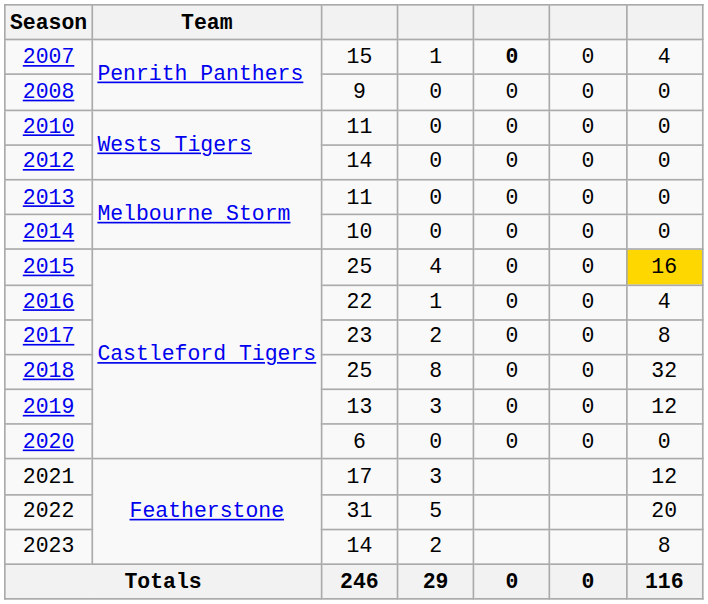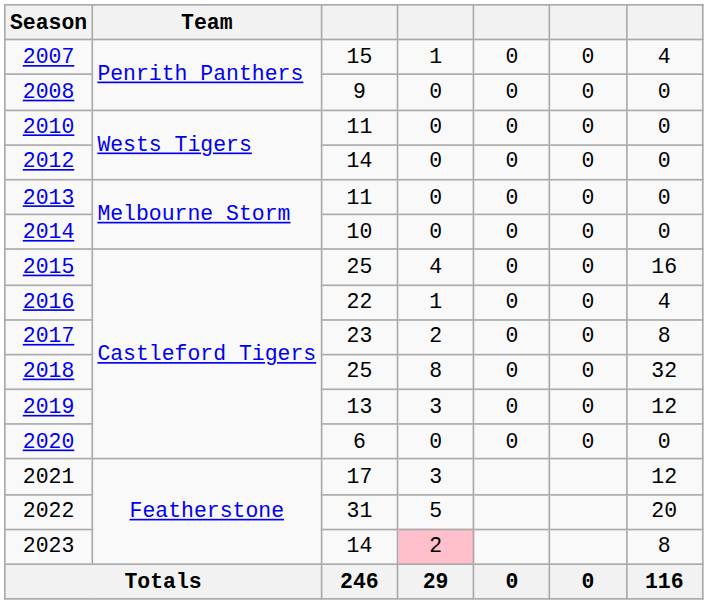 <table class="wikitable" style="text-align:center;">
 <tr>
 <th>Season</th>
 <th>Team</th>
 <th style="width:40px;"></th>
 <th style="width:40px;"></th>
 <th style="width:40px;"></th>
 <th style="width:40px;"></th>
 <th style="width:40px;"></th>
 </tr>
 <tr>
 <td><a href='#'>2007</a></td>
 <td rowspan="2" style="text-align:left;"> <a href='#'>Penrith Panthers</a></td>
 <td>15</td>
 <td>1</td>
-<td><strong>0</strong></td>
+<td>0</td>
 <td>0</td>
 <td>4</td>
 </tr>
 <tr>
 <td><a href='#'>2008</a></td>
 <td>9</td>
 <td>0</td>
 <td>0</td>
 <td>0</td>
 <td>0</td>
 </tr>
 <tr>
 <td><a href='#'>2010</a></td>
 <td rowspan="2" style="text-align:left;"> <a href='#'>Wests Tigers</a></td>
 <td>11</td>
 <td>0</td>
 <td>0</td>
 <td>0</td>
 <td>0</td>
 </tr>
 <tr>
 <td><a href='#'>2012</a></td>
 <td>14</td>
 <td>0</td>
 <td>0</td>
 <td>0</td>
 <td>0</td>
 </tr>
 <tr>
 <td><a href='#'>2013</a></td>
 <td rowspan="2" style="text-align:left;"> <a href='#'>Melbourne Storm</a></td>
 <td>11</td>
 <td>0</td>
 <td>0</td>
 <td>0</td>
 <td>0</td>
 </tr>
 <tr>
 <td><a href='#'>2014</a></td>
 <td>10</td>
 <td>0</td>
 <td>0</td>
 <td>0</td>
 <td>0</td>
 </tr>
 <tr>
 <td><a href='#'>2015</a></td>
 <td rowspan="6" style="text-align:left;"> <a href='#'>Castleford Tigers</a></td>
 <td>25</td>
 <td>4</td>
 <td>0</td>
 <td>0</td>
-<td style="background: gold;">16</td>
+<td>16</td>
 </tr>
 <tr>
 <td><a href='#'>2016</a></td>
 <td>22</td>
 <td>1</td>
 <td>0</td>
 <td>0</td>
 <td>4</td>
 </tr>
 <tr>
 <td><a href='#'>2017</a></td>
 <td>23</td>
 <td>2</td>
 <td>0</td>
 <td>0</td>
 <td>8</td>
 </tr>
 <tr>
 <td><a href='#'>2018</a></td>
 <td>25</td>
 <td>8</td>
 <td>0</td>
 <td>0</td>
 <td>32</td>
 </tr>
 <tr>
 <td><a href='#'>2019</a></td>
 <td>13</td>
 <td>3</td>
 <td>0</td>
 <td>0</td>
 <td>12</td>
 </tr>
 <tr>
 <td><a href='#'>2020</a></td>
 <td>6</td>
 <td>0</td>
 <td>0</td>
 <td>0</td>
 <td>0</td>
 </tr>
 <tr>
 <td>2021</td>
 <td rowspan="3"> <a href='#'>Featherstone</a></td>
 <td>17</td>
 <td>3</td>
 <td></td>
 <td></td>
 <td>12</td>
 </tr>
 <tr>
 <td>2022</td>
 <td>31</td>
 <td>5</td>
 <td></td>
 <td></td>
 <td>20</td>
 </tr>
 <tr>
 <td>2023</td>
 <td>14</td>
-<td>2</td>
+<td style="background: pink;">2</td>
 <td></td>
 <td></td>
 <td>8</td>
 </tr>
 <tr>
 <th colspan="2">Totals</th>
 <th>246</th>
 <th>29</th>
 <th>0</th>
 <th>0</th>
 <th>116</th>
 </tr>
 </table>
